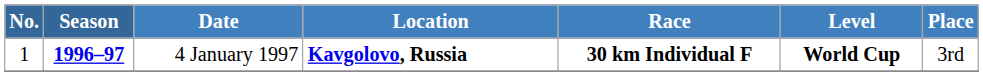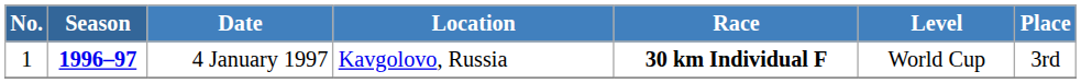 <table class="wikitable sortable" style="font-size:95%; text-align:center; border:grey solid 1px; border-collapse:collapse; background:#ffffff;">
 <tr style="background:#efefef;">
 <th style="background-color:#369; color:white;">No.</th>
 <th style="background-color:#369; color:white;">Season</th>
 <th style="background-color:#4180be; color:white; width:120px;">Date</th>
 <th style="background-color:#4180be; color:white; width:185px;">Location</th>
 <th style="background-color:#4180be; color:white; width:160px;">Race</th>
 <th style="background-color:#4180be; color:white; width:100px;">Level</th>
 <th style="background-color:#4180be; color:white;">Place</th>
 </tr>
 <tr>
 <td align=center>1</td>
 <td rowspan=1 align=center><strong> <a href='#'>1996–97</a> </strong></td>
 <td align=right>4 January 1997</td>
-<td align=left><strong> <a href='#'>Kavgolovo</a>, Russia</strong></td>
+<td align=left> <a href='#'>Kavgolovo</a>, Russia</td>
 <td><strong>30 km Individual F</strong></td>
-<td><strong>World Cup</strong></td>
+<td>World Cup</td>
 <td>3rd</td>
 </tr>
 <tr>
 </tr>
 </table>
